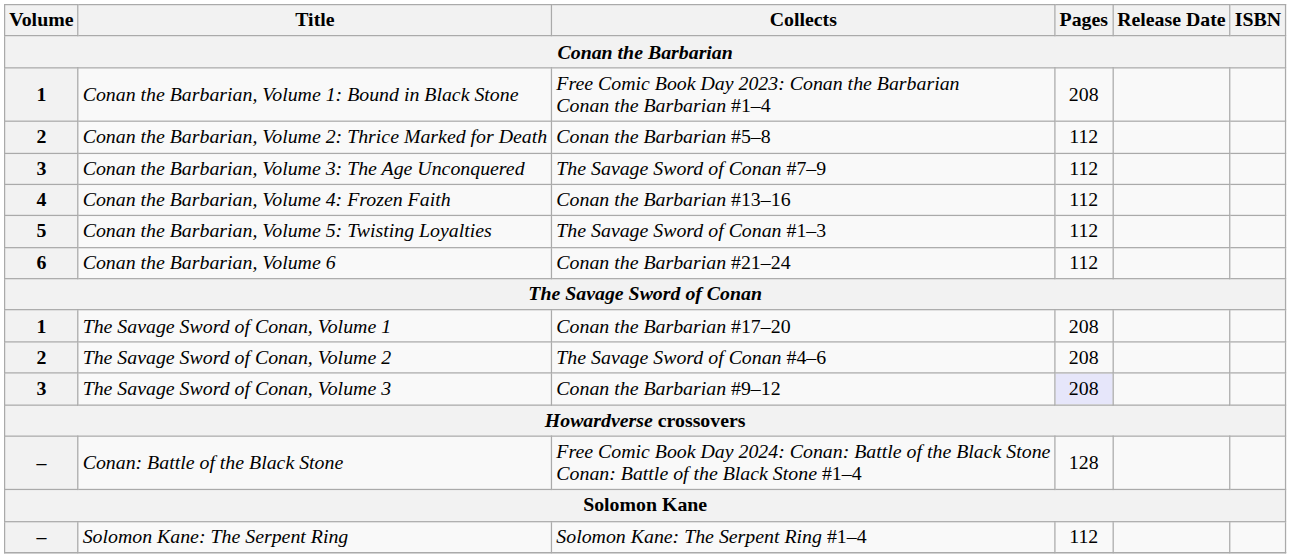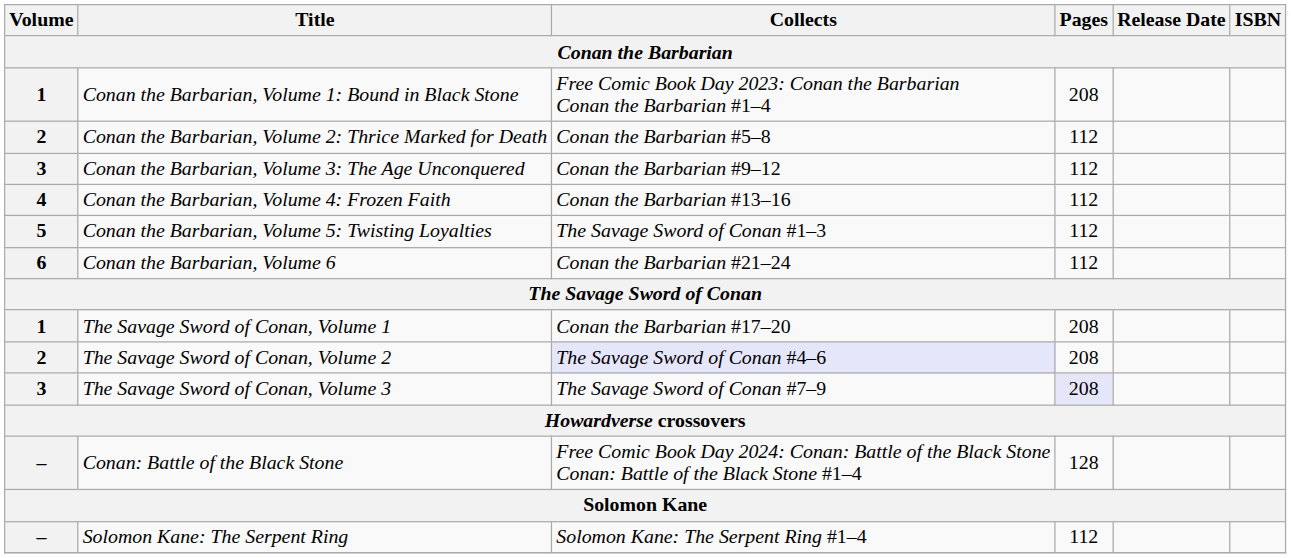 <table class="wikitable">
 <tr>
 <th>Volume</th>
 <th>Title</th>
 <th>Collects</th>
 <th>Pages</th>
 <th>Release Date</th>
 <th>ISBN</th>
 </tr>
 <tr>
 <th colspan=6><em>Conan the Barbarian</em></th>
 </tr>
 <tr>
 <th>1</th>
 <td><em>Conan the Barbarian, Volume 1: Bound in Black Stone</em></td>
 <td><em>Free Comic Book Day 2023: Conan the Barbarian</em><br><em>Conan the Barbarian</em> #1–4</td>
 <td align="center">208</td>
 <td></td>
 <td></td>
 </tr>
 <tr>
 <th>2</th>
 <td><em>Conan the Barbarian, Volume 2: Thrice Marked for Death</em></td>
 <td><em>Conan the Barbarian</em> #5–8</td>
 <td align="center">112</td>
 <td></td>
 <td></td>
 </tr>
 <tr>
 <th>3</th>
 <td><em>Conan the Barbarian, Volume 3: The Age Unconquered</em></td>
-<td><em>The Savage Sword of Conan</em> #7–9</td>
+<td><em>Conan the Barbarian</em> #9–12</td>
 <td align="center">112</td>
 <td></td>
 <td></td>
 </tr>
 <tr>
 <th>4</th>
 <td><em>Conan the Barbarian, Volume 4: Frozen Faith</em></td>
 <td><em>Conan the Barbarian</em> #13–16</td>
 <td align="center">112</td>
 <td></td>
 <td></td>
 </tr>
 <tr>
 <th>5</th>
 <td><em>Conan the Barbarian, Volume 5: Twisting Loyalties</em></td>
 <td><em>The Savage Sword of Conan</em> #1–3</td>
 <td align="center">112</td>
 <td></td>
 <td></td>
 </tr>
 <tr>
 <th>6</th>
 <td><em>Conan the Barbarian, Volume 6</em></td>
 <td><em>Conan the Barbarian</em> #21–24</td>
 <td align="center">112</td>
 <td></td>
 <td></td>
 </tr>
 <tr>
 <th colspan=6><em>The Savage Sword of Conan</em></th>
 </tr>
 <tr>
 <th>1</th>
 <td><em>The Savage Sword of Conan, Volume 1</em></td>
 <td><em>Conan the Barbarian</em> #17–20</td>
 <td align="center">208</td>
 <td></td>
 <td></td>
 </tr>
 <tr>
 <th>2</th>
 <td><em>The Savage Sword of Conan, Volume 2</em></td>
-<td><em>The Savage Sword of Conan</em> #4–6</td>
+<td style="background: lavender;"><em>The Savage Sword of Conan</em> #4–6</td>
 <td align="center">208</td>
 <td></td>
 <td></td>
 </tr>
 <tr>
 <th>3</th>
 <td><em>The Savage Sword of Conan, Volume 3</em></td>
-<td><em>Conan the Barbarian</em> #9–12</td>
+<td><em>The Savage Sword of Conan</em> #7–9</td>
 <td align="center" style="background: lavender;">208</td>
 <td></td>
 <td></td>
 </tr>
 <tr>
 <th colspan=6><em>Howardverse</em> crossovers</th>
 </tr>
 <tr>
 <th>–</th>
 <td><em>Conan: Battle of the Black Stone</em></td>
 <td><em>Free Comic Book Day 2024: Conan: Battle of the Black Stone</em><br><em>Conan: Battle of the Black Stone </em> #1–4</td>
 <td align="center">128</td>
 <td></td>
 <td></td>
 </tr>
 <tr>
 <th colspan=6>Solomon Kane</th>
 </tr>
 <tr>
 <th>–</th>
 <td><em>Solomon Kane: The Serpent Ring</em></td>
 <td><em>Solomon Kane: The Serpent Ring</em> #1–4</td>
 <td align="center">112</td>
 <td></td>
 <td></td>
 </tr>
 <tr>
 </tr>
 </table>
